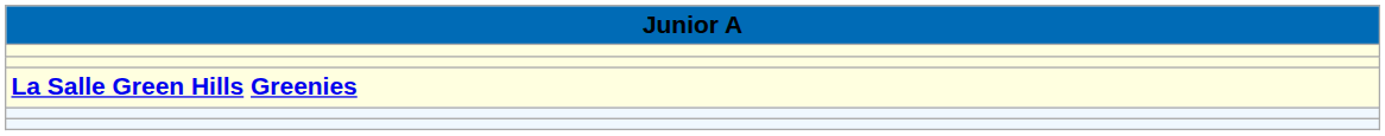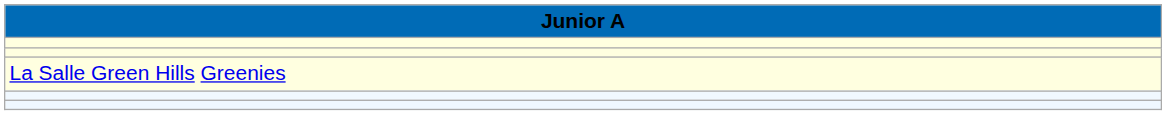 <table class="wikitable sortable" style="width:100%">
 <tr>
 <th style="background:#006BB6;" colspan=8><span>Junior A</span></th>
 </tr>
 <tr>
 <td bgcolor="#FFFFE0"></td>
 </tr>
 <tr>
 <td bgcolor="#FFFFE0"></td>
 </tr>
 <tr>
-<td bgcolor="#FFFFE0"><strong> <a href='#'>La Salle Green Hills</a> <a href='#'>Greenies</a></strong></td>
+<td bgcolor="#FFFFE0"> <a href='#'>La Salle Green Hills</a> <a href='#'>Greenies</a></td>
 </tr>
 <tr>
 <td bgcolor="#F0F8FF"></td>
 </tr>
 <tr>
 <td bgcolor="#F0F8FF"></td>
 </tr>
 </table>
